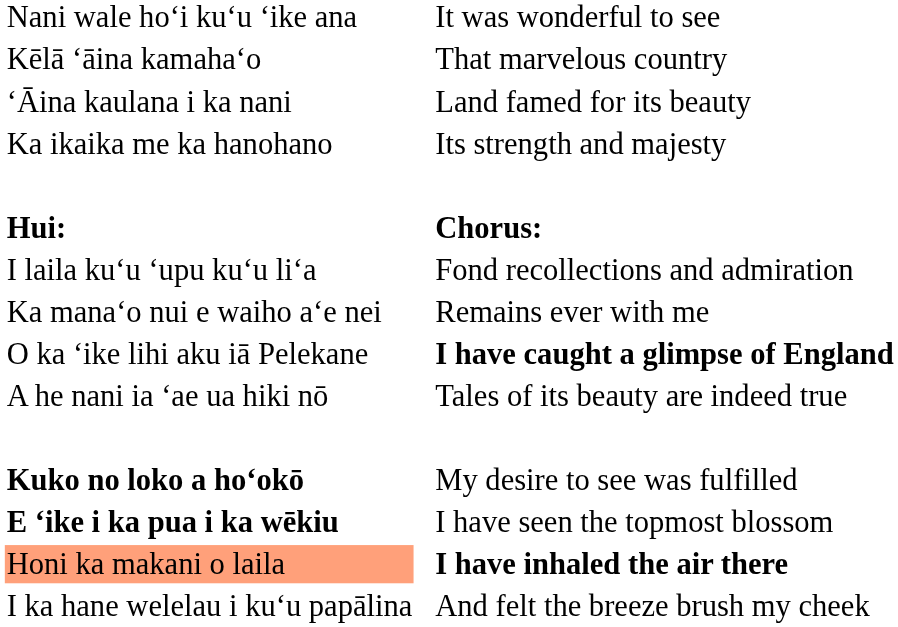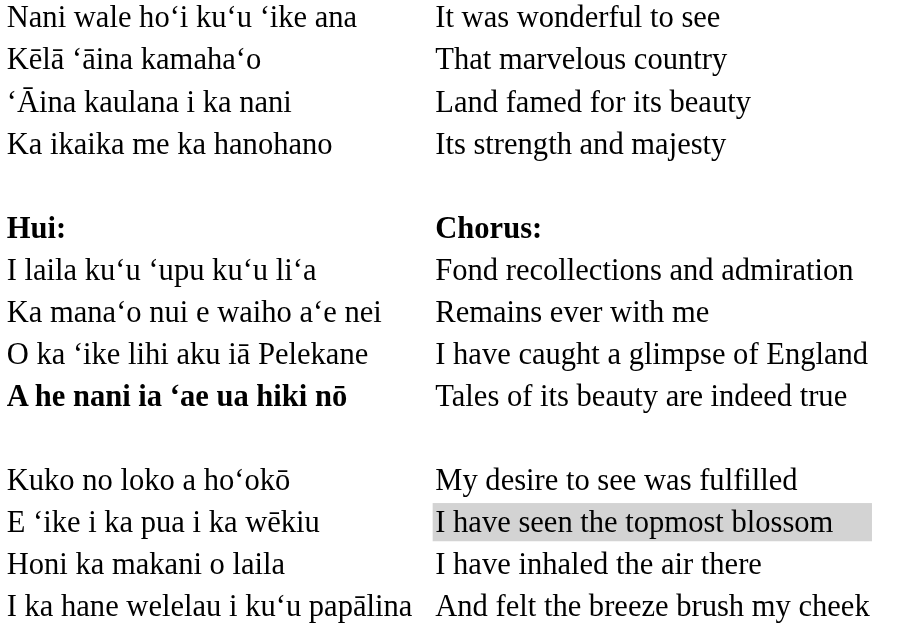 <table>
 <tr>
 <td>Nani wale hoʻi kuʻu ʻike ana</td>
 <td rowspan=99> </td>
 <td>It was wonderful to see</td>
 </tr>
 <tr>
 <td>Kēlā ʻāina kamahaʻo</td>
 <td>That marvelous country</td>
 </tr>
 <tr>
 <td>ʻĀina kaulana i ka nani</td>
 <td>Land famed for its beauty</td>
 </tr>
 <tr>
 <td>Ka ikaika me ka hanohano</td>
 <td>Its strength and majesty</td>
 </tr>
 <tr>
 <td> </td>
 <td> </td>
 </tr>
 <tr>
 <td><strong>Hui:</strong></td>
 <td><strong>Chorus:</strong></td>
 </tr>
 <tr>
 <td>I laila kuʻu ʻupu kuʻu liʻa</td>
 <td>Fond recollections and admiration</td>
 </tr>
 <tr>
 <td>Ka manaʻo nui e waiho aʻe nei</td>
 <td>Remains ever with me</td>
 </tr>
 <tr>
 <td>O ka ʻike lihi aku iā Pelekane</td>
-<td><strong>I have caught a glimpse of England</strong></td>
+<td>I have caught a glimpse of England</td>
 </tr>
 <tr>
-<td>A he nani ia ʻae ua hiki nō</td>
+<td><strong>A he nani ia ʻae ua hiki nō</strong></td>
 <td>Tales of its beauty are indeed true</td>
 </tr>
 <tr>
 <td> </td>
 <td> </td>
 </tr>
 <tr>
-<td><strong>Kuko no loko a hoʻokō</strong></td>
+<td>Kuko no loko a hoʻokō</td>
 <td>My desire to see was fulfilled</td>
 </tr>
 <tr>
-<td><strong>E ʻike i ka pua i ka wēkiu</strong></td>
-<td>I have seen the topmost blossom</td>
+<td>E ʻike i ka pua i ka wēkiu</td>
+<td style="background: lightgrey;">I have seen the topmost blossom</td>
 </tr>
 <tr>
-<td style="background: lightsalmon;">Honi ka makani o laila</td>
-<td><strong>I have inhaled the air there</strong></td>
+<td>Honi ka makani o laila</td>
+<td>I have inhaled the air there</td>
 </tr>
 <tr>
 <td>I ka hane welelau i kuʻu papālina</td>
 <td>And felt the breeze brush my cheek</td>
 </tr>
 </table>
